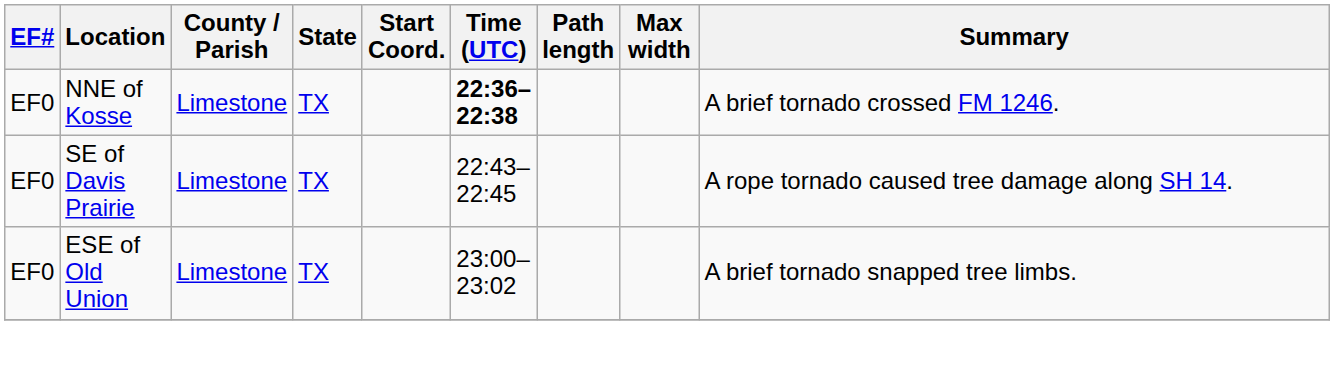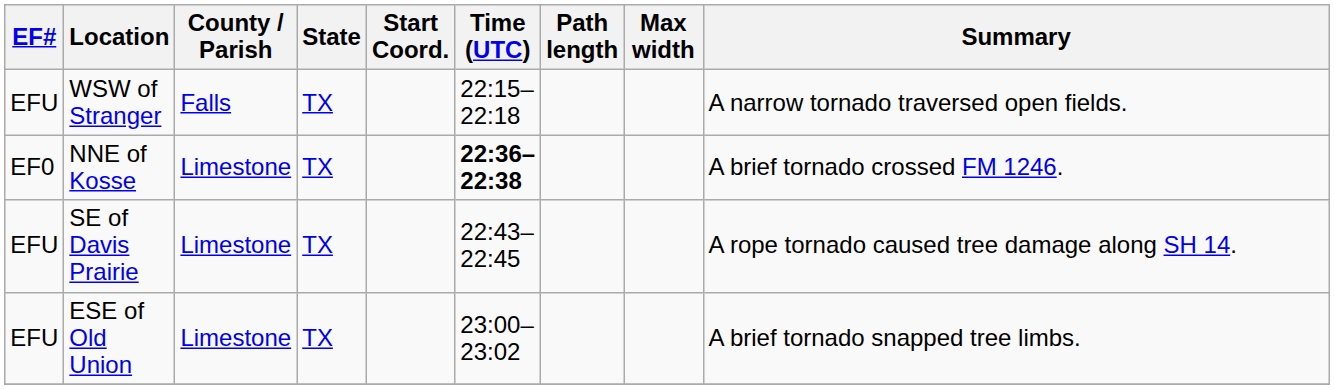 <table class="wikitable sortable" style="width:100%;">
 <tr>
 <th scope="col"  style="width:3%; text-align:center;"><a href='#'>EF#</a></th>
 <th scope="col"  style="width:7%; text-align:center;" class="unsortable">Location</th>
 <th scope="col"  style="width:6%; text-align:center;" class="unsortable">County / Parish</th>
 <th scope="col"  style="width:5%; text-align:center;">State</th>
 <th scope="col"  style="width:6%; text-align:center;">Start Coord.</th>
 <th scope="col"  style="width:6%; text-align:center;">Time (<a href='#'>UTC</a>)</th>
 <th scope="col"  style="width:6%; text-align:center;">Path length</th>
 <th scope="col"  style="width:6%; text-align:center;">Max width</th>
 <th scope="col" class="unsortable" style="width:48%; text-align:center;">Summary</th>
 </tr>
 <tr>
+<td>EFU</td>
+<td>WSW of <a href='#'>Stranger</a></td>
+<td><a href='#'>Falls</a></td>
+<td><a href='#'>TX</a></td>
+<td></td>
+<td>22:15–22:18</td>
+<td></td>
+<td></td>
+<td>A narrow tornado traversed open fields.</td>
+</tr>
+<tr>
 <td>EF0</td>
 <td>NNE of <a href='#'>Kosse</a></td>
 <td><a href='#'>Limestone</a></td>
 <td><a href='#'>TX</a></td>
 <td></td>
 <td><strong>22:36–22:38</strong></td>
 <td></td>
 <td></td>
 <td>A brief tornado crossed <a href='#'>FM 1246</a>.</td>
 </tr>
 <tr>
-<td>EF0</td>
+<td>EFU</td>
 <td>SE of <a href='#'>Davis Prairie</a></td>
 <td><a href='#'>Limestone</a></td>
 <td><a href='#'>TX</a></td>
 <td></td>
 <td>22:43–22:45</td>
 <td></td>
 <td></td>
 <td>A rope tornado caused tree damage along <a href='#'>SH 14</a>.</td>
 </tr>
 <tr>
-<td>EF0</td>
+<td>EFU</td>
 <td>ESE of <a href='#'>Old Union</a></td>
 <td><a href='#'>Limestone</a></td>
 <td><a href='#'>TX</a></td>
 <td></td>
 <td>23:00–23:02</td>
 <td></td>
 <td></td>
 <td>A brief tornado snapped tree limbs.</td>
 </tr>
 <tr>
 </tr>
 </table>
